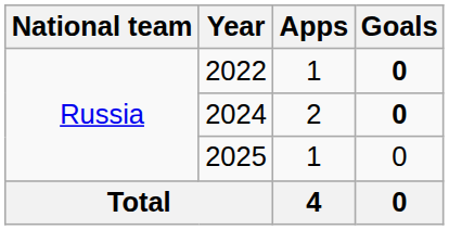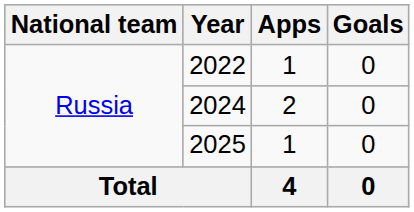 <table class=wikitable style=text-align:center>
 <tr>
 <th>National team</th>
 <th>Year</th>
 <th>Apps</th>
 <th>Goals</th>
 </tr>
 <tr>
 <td rowspan="3"><a href='#'>Russia</a></td>
 <td>2022</td>
 <td>1</td>
-<td><strong>0</strong></td>
+<td>0</td>
 </tr>
 <tr>
 <td>2024</td>
 <td>2</td>
-<td><strong>0</strong></td>
+<td>0</td>
 </tr>
 <tr>
 <td>2025</td>
 <td>1</td>
 <td>0</td>
 </tr>
 <tr>
 <th colspan=2>Total</th>
 <th>4</th>
 <th>0</th>
 </tr>
 </table>
